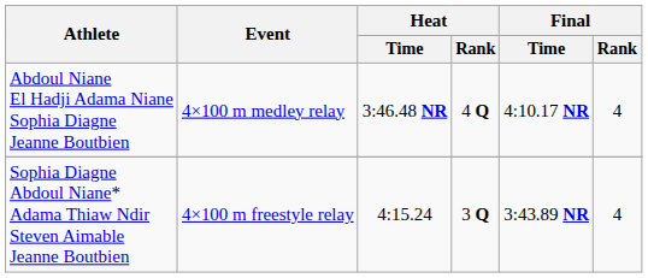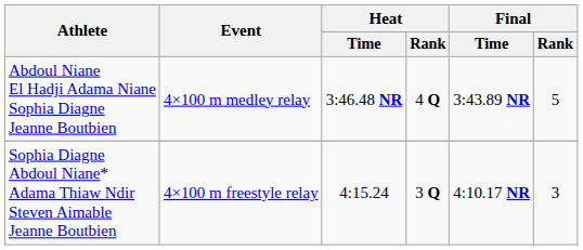 <table class=wikitable style="font-size:90%">
 <tr>
 <th rowspan="2">Athlete</th>
 <th rowspan="2">Event</th>
 <th colspan="2">Heat</th>
 <th colspan="2">Final</th>
 </tr>
 <tr style="font-size:95%">
 <th>Time</th>
 <th>Rank</th>
 <th>Time</th>
 <th>Rank</th>
 </tr>
 <tr align=center>
 <td align=left><a href='#'>Abdoul Niane</a><br><a href='#'>El Hadji Adama Niane</a><br><a href='#'>Sophia Diagne</a><br><a href='#'>Jeanne Boutbien</a></td>
 <td align=left><a href='#'>4×100 m medley relay</a></td>
 <td>3:46.48 <strong><a href='#'>NR</a></strong></td>
 <td>4 <strong>Q</strong></td>
-<td>4:10.17 <strong><a href='#'>NR</a></strong></td>
-<td>4</td>
+<td>3:43.89 <strong><a href='#'>NR</a></strong></td>
+<td>5</td>
 </tr>
 <tr>
 </tr>
 <tr align=center>
 <td align=left><a href='#'>Sophia Diagne</a><br><a href='#'>Abdoul Niane</a>*<br><a href='#'>Adama Thiaw Ndir</a><br><a href='#'>Steven Aimable</a><br><a href='#'>Jeanne Boutbien</a></td>
 <td align=left><a href='#'>4×100 m freestyle relay</a></td>
 <td>4:15.24</td>
 <td>3 <strong>Q</strong></td>
-<td>3:43.89 <strong><a href='#'>NR</a></strong></td>
-<td>4</td>
+<td>4:10.17 <strong><a href='#'>NR</a></strong></td>
+<td>3</td>
 </tr>
 </table>
